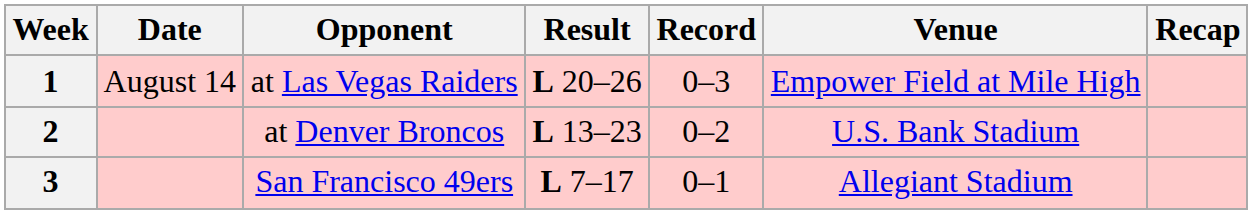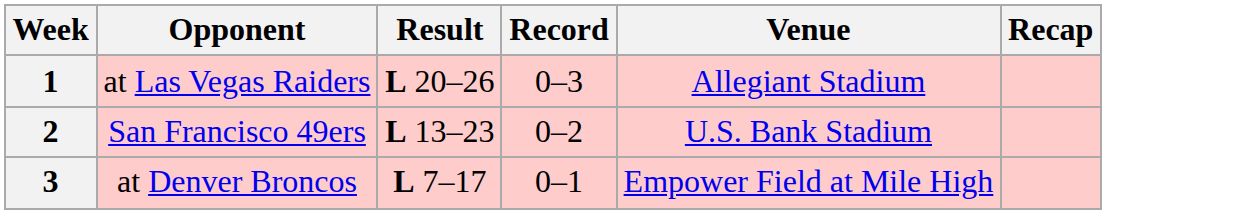 <table class="wikitable" style="text-align:center">
 <tr>
 <th>Week</th>
-<th>Date</th>
 <th>Opponent</th>
 <th>Result</th>
 <th>Record</th>
 <th>Venue</th>
 <th>Recap</th>
 </tr>
 <tr style="background:#fcc">
 <th>1</th>
-<td>August 14</td>
 <td>at <a href='#'>Las Vegas Raiders</a></td>
 <td><strong>L</strong> 20–26</td>
 <td>0–3</td>
-<td><a href='#'>Empower Field at Mile High</a></td>
+<td><a href='#'>Allegiant Stadium</a></td>
 <td></td>
 </tr>
 <tr style="background:#fcc">
 <th>2</th>
-<td></td>
-<td>at <a href='#'>Denver Broncos</a></td>
+<td><a href='#'>San Francisco 49ers</a></td>
 <td><strong>L</strong> 13–23</td>
 <td>0–2</td>
 <td><a href='#'>U.S. Bank Stadium</a></td>
 <td></td>
 </tr>
 <tr style="background:#fcc">
 <th>3</th>
-<td></td>
-<td><a href='#'>San Francisco 49ers</a></td>
+<td>at <a href='#'>Denver Broncos</a></td>
 <td><strong>L</strong> 7–17</td>
 <td>0–1</td>
-<td><a href='#'>Allegiant Stadium</a></td>
+<td><a href='#'>Empower Field at Mile High</a></td>
 <td></td>
 </tr>
 </table>
